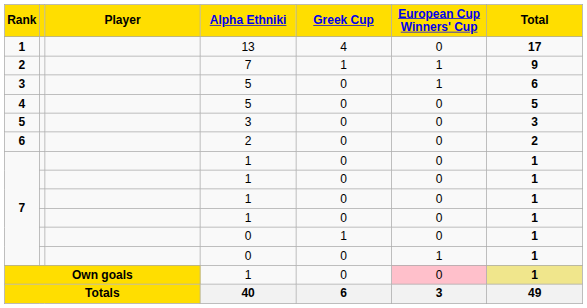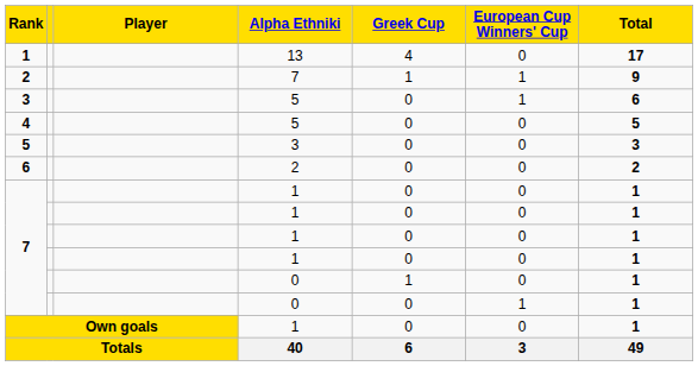 <table class="wikitable sortable" style="text-align: center">
 <tr>
 <th style="background:#FFDE00">Rank</th>
 <th style="background:#FFDE00"></th>
 <th width=200 style="background:#FFDE00">Player</th>
 <th width=120 style="background:#FFDE00"><a href='#'>Alpha Ethniki</a></th>
 <th width=120 style="background:#FFDE00"><a href='#'>Greek Cup</a></th>
 <th width=120 style="background:#FFDE00"><a href='#'>European Cup Winners' Cup</a></th>
 <th width=120 style="background:#FFDE00">Total</th>
 </tr>
 <tr>
 <td><strong>1</strong></td>
 <td></td>
 <td align=left></td>
 <td>13</td>
 <td>4</td>
 <td>0</td>
 <td><strong>17</strong></td>
 </tr>
 <tr>
 <td><strong>2</strong></td>
 <td></td>
 <td align=left></td>
 <td>7</td>
 <td>1</td>
 <td>1</td>
 <td><strong>9</strong></td>
 </tr>
 <tr>
 <td><strong>3</strong></td>
 <td></td>
 <td align=left></td>
 <td>5</td>
 <td>0</td>
 <td>1</td>
 <td><strong>6</strong></td>
 </tr>
 <tr>
 <td><strong>4</strong></td>
 <td></td>
 <td align=left></td>
 <td>5</td>
 <td>0</td>
 <td>0</td>
 <td><strong>5</strong></td>
 </tr>
 <tr>
 <td><strong>5</strong></td>
 <td></td>
 <td align=left></td>
 <td>3</td>
 <td>0</td>
 <td>0</td>
 <td><strong>3</strong></td>
 </tr>
 <tr>
 <td><strong>6</strong></td>
 <td></td>
 <td align=left></td>
 <td>2</td>
 <td>0</td>
 <td>0</td>
 <td><strong>2</strong></td>
 </tr>
 <tr>
 <td rowspan=6><strong>7</strong></td>
 <td></td>
 <td align=left></td>
 <td>1</td>
 <td>0</td>
 <td>0</td>
 <td><strong>1</strong></td>
 </tr>
 <tr>
 <td></td>
 <td align=left></td>
 <td>1</td>
 <td>0</td>
 <td>0</td>
 <td><strong>1</strong></td>
 </tr>
 <tr>
 <td></td>
 <td align=left></td>
 <td>1</td>
 <td>0</td>
 <td>0</td>
 <td><strong>1</strong></td>
 </tr>
 <tr>
 <td></td>
 <td align=left></td>
 <td>1</td>
 <td>0</td>
 <td>0</td>
 <td><strong>1</strong></td>
 </tr>
 <tr>
 <td></td>
 <td align=left></td>
 <td>0</td>
 <td>1</td>
 <td>0</td>
 <td><strong>1</strong></td>
 </tr>
 <tr>
 <td></td>
 <td align=left></td>
 <td>0</td>
 <td>0</td>
 <td>1</td>
 <td><strong>1</strong></td>
 </tr>
 <tr class="sortbottom">
 <td colspan=3 style="background:#FFDE00"><strong>Own goals</strong></td>
 <td>1</td>
 <td>0</td>
-<td style="background: pink;">0</td>
-<td style="background: khaki;"><strong>1</strong></td>
+<td>0</td>
+<td><strong>1</strong></td>
 </tr>
 <tr class="sortbottom">
 <th colspan=3 style="background:#FFDE00"><strong>Totals</strong></th>
 <th><strong>40</strong></th>
 <th><strong> 6</strong></th>
 <th><strong> 3</strong></th>
 <th><strong>49</strong></th>
 </tr>
 </table>
